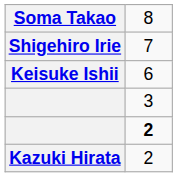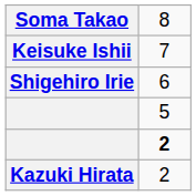 <table class="wikitable" style="margin: 1em auto 1em auto;text-align:center">
 <tr>
 <th><a href='#'>Soma Takao</a></th>
 <td style="width:35px">8</td>
 </tr>
 <tr>
-<th><a href='#'>Shigehiro Irie</a></th>
+<th><a href='#'>Keisuke Ishii</a></th>
 <td>7</td>
 </tr>
 <tr>
-<th><a href='#'>Keisuke Ishii</a></th>
+<th><a href='#'>Shigehiro Irie</a></th>
 <td>6</td>
 </tr>
 <tr>
 <th></th>
-<td>3</td>
+<td>5</td>
 </tr>
 <tr>
 <th></th>
 <td><strong>2</strong></td>
 </tr>
 <tr>
 <th><a href='#'>Kazuki Hirata</a></th>
 <td>2</td>
 </tr>
 </table>
